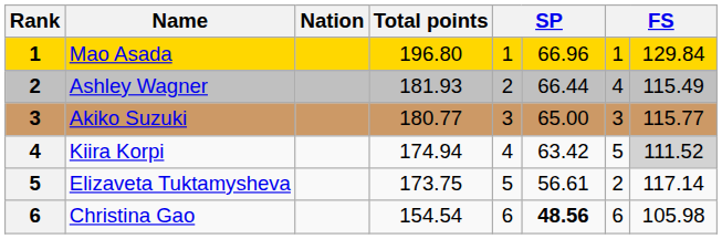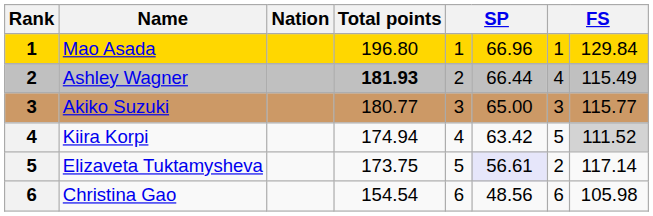 <table class="wikitable sortable">
 <tr>
 <th>Rank</th>
 <th>Name</th>
 <th>Nation</th>
 <th>Total points</th>
 <th colspan="2" width="80px"><a href='#'>SP</a></th>
 <th colspan="2" width="80px"><a href='#'>FS</a></th>
 </tr>
 <tr bgcolor="gold">
 <td align="center"><strong>1</strong></td>
 <td><a href='#'>Mao Asada</a></td>
 <td></td>
 <td align="center">196.80</td>
 <td align="center">1</td>
 <td align="center">66.96</td>
 <td align="center">1</td>
 <td align="center">129.84</td>
 </tr>
 <tr bgcolor="silver">
 <td align="center"><strong>2</strong></td>
 <td><a href='#'>Ashley Wagner</a></td>
 <td></td>
-<td align="center">181.93</td>
+<td align="center"><strong>181.93</strong></td>
 <td align="center">2</td>
 <td align="center">66.44</td>
 <td align="center">4</td>
 <td align="center">115.49</td>
 </tr>
 <tr bgcolor="cc9966">
 <td align="center"><strong>3</strong></td>
 <td><a href='#'>Akiko Suzuki</a></td>
 <td></td>
 <td align="center">180.77</td>
 <td align="center">3</td>
 <td align="center">65.00</td>
 <td align="center">3</td>
 <td align="center">115.77</td>
 </tr>
 <tr>
 <th>4</th>
 <td><a href='#'>Kiira Korpi</a></td>
 <td></td>
 <td align="center">174.94</td>
 <td align="center">4</td>
 <td align="center">63.42</td>
 <td align="center">5</td>
 <td align="center" style="background: lightgrey;">111.52</td>
 </tr>
 <tr>
 <th>5</th>
 <td><a href='#'>Elizaveta Tuktamysheva</a></td>
 <td></td>
 <td align="center">173.75</td>
 <td align="center">5</td>
-<td align="center">56.61</td>
+<td align="center" style="background: lavender;">56.61</td>
 <td align="center">2</td>
 <td align="center">117.14</td>
 </tr>
 <tr>
 <th>6</th>
 <td><a href='#'>Christina Gao</a></td>
 <td></td>
 <td align="center">154.54</td>
 <td align="center">6</td>
-<td align="center"><strong>48.56</strong></td>
+<td align="center">48.56</td>
 <td align="center">6</td>
 <td align="center">105.98</td>
 </tr>
 </table>
